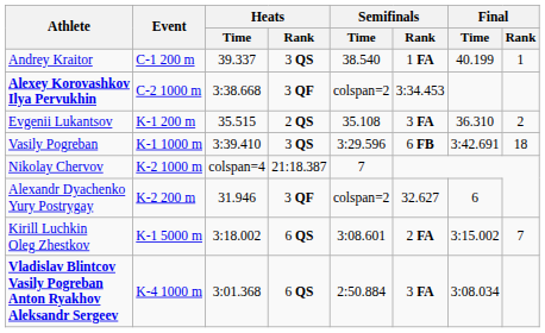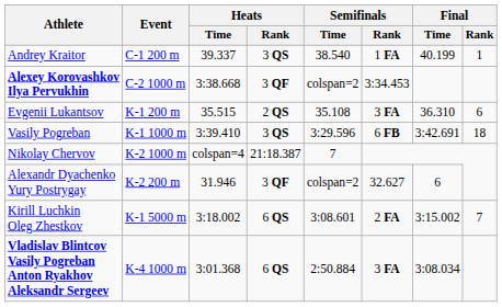 <table class="wikitable" style="text-align:center; font-size:90%">
 <tr>
 <th rowspan=2>Athlete</th>
 <th rowspan=2>Event</th>
 <th colspan=2>Heats</th>
 <th colspan=2>Semifinals</th>
 <th colspan=2>Final</th>
 </tr>
 <tr style="font-size:95%">
 <th>Time</th>
 <th>Rank</th>
 <th>Time</th>
 <th>Rank</th>
 <th>Time</th>
 <th>Rank</th>
 </tr>
 <tr>
 <td align=left><a href='#'>Andrey Kraitor</a></td>
 <td align=left><a href='#'>C-1 200 m</a></td>
 <td>39.337</td>
 <td>3 <strong>QS</strong></td>
 <td>38.540</td>
 <td>1 <strong>FA</strong></td>
 <td>40.199</td>
 <td>1</td>
 </tr>
 <tr>
 <td align=left><strong><a href='#'>Alexey Korovashkov</a><br><a href='#'>Ilya Pervukhin</a></strong></td>
 <td align=left><a href='#'>C-2 1000 m</a></td>
 <td>3:38.668</td>
 <td>3 <strong>QF</strong></td>
 <td>colspan=2 </td>
 <td>3:34.453</td>
 <td></td>
 </tr>
 <tr>
 <td align=left><a href='#'>Evgenii Lukantsov</a></td>
 <td align=left><a href='#'>K-1 200 m</a></td>
 <td>35.515</td>
 <td>2 <strong>QS</strong></td>
 <td>35.108</td>
 <td>3 <strong>FA</strong></td>
 <td>36.310</td>
-<td>2</td>
+<td>6</td>
 </tr>
 <tr>
 <td align=left><a href='#'>Vasily Pogreban</a></td>
 <td align=left><a href='#'>K-1 1000 m</a></td>
 <td>3:39.410</td>
 <td>3 <strong>QS</strong></td>
 <td>3:29.596</td>
 <td>6 <strong>FB</strong></td>
 <td>3:42.691</td>
 <td>18</td>
 </tr>
 <tr>
 <td align=left><a href='#'>Nikolay Chervov</a></td>
 <td align=left><a href='#'>K-2 1000 m</a></td>
 <td>colspan=4 </td>
 <td>21:18.387</td>
 <td>7</td>
 </tr>
 <tr>
 <td align=left><a href='#'>Alexandr Dyachenko</a><br><a href='#'>Yury Postrygay</a></td>
 <td align=left><a href='#'>K-2 200 m</a></td>
 <td>31.946</td>
 <td>3 <strong>QF</strong></td>
 <td>colspan=2 </td>
 <td>32.627</td>
 <td>6</td>
 </tr>
 <tr>
 <td align=left><a href='#'>Kirill Luchkin</a><br><a href='#'>Oleg Zhestkov</a></td>
 <td align=left><a href='#'>K-1 5000 m</a></td>
 <td>3:18.002</td>
 <td>6 <strong>QS</strong></td>
 <td>3:08.601</td>
 <td>2 <strong>FA</strong></td>
 <td>3:15.002</td>
 <td>7</td>
 </tr>
 <tr>
 <td align=left><strong><a href='#'>Vladislav Blintcov</a><br><a href='#'>Vasily Pogreban</a><br><a href='#'>Anton Ryakhov</a><br><a href='#'>Aleksandr Sergeev</a></strong></td>
 <td align=left><a href='#'>K-4 1000 m</a></td>
 <td>3:01.368</td>
 <td>6 <strong>QS</strong></td>
 <td>2:50.884</td>
 <td>3 <strong>FA</strong></td>
 <td>3:08.034</td>
 <td></td>
 </tr>
 </table>
